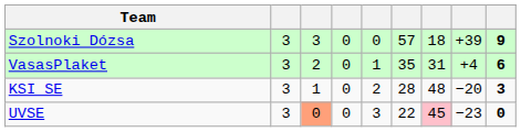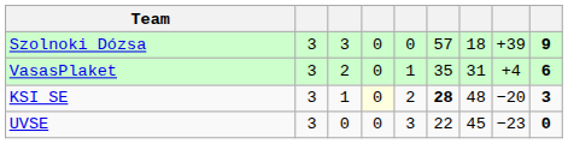 <table class="wikitable" style="text-align:center;">
 <tr>
 <th width=225>Team</th>
 <th width=20></th>
 <th width=20></th>
 <th width=20></th>
 <th width=20></th>
 <th width=20></th>
 <th width=20></th>
 <th width=20></th>
 <th width=20></th>
 </tr>
 <tr style="background:#cfc;">
 <td align="left"> <a href='#'>Szolnoki Dózsa</a></td>
 <td>3</td>
 <td>3</td>
 <td>0</td>
 <td>0</td>
 <td>57</td>
 <td>18</td>
 <td>+39</td>
 <td><strong>9</strong></td>
 </tr>
 <tr style="background:#cfc;">
 <td align="left"> <a href='#'>VasasPlaket</a></td>
 <td>3</td>
 <td>2</td>
 <td>0</td>
 <td>1</td>
 <td>35</td>
 <td>31</td>
 <td>+4</td>
 <td><strong>6</strong></td>
 </tr>
 <tr>
 <td align="left"> <a href='#'>KSI SE</a></td>
 <td>3</td>
 <td>1</td>
-<td>0</td>
+<td style="background: lightyellow;">0</td>
 <td>2</td>
-<td>28</td>
+<td><strong>28</strong></td>
 <td>48</td>
 <td>−20</td>
 <td><strong>3</strong></td>
 </tr>
 <tr>
 <td align="left"> <a href='#'>UVSE</a></td>
 <td>3</td>
-<td style="background: lightsalmon;">0</td>
+<td>0</td>
 <td>0</td>
 <td>3</td>
 <td>22</td>
-<td style="background: pink;">45</td>
+<td>45</td>
 <td>−23</td>
 <td><strong>0</strong></td>
 </tr>
 </table>
